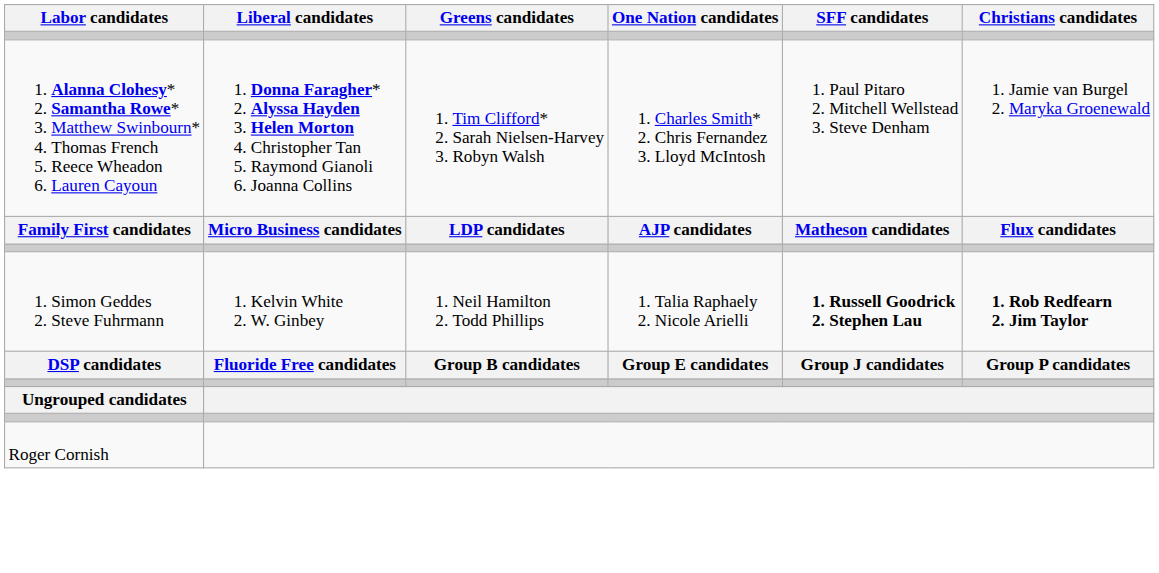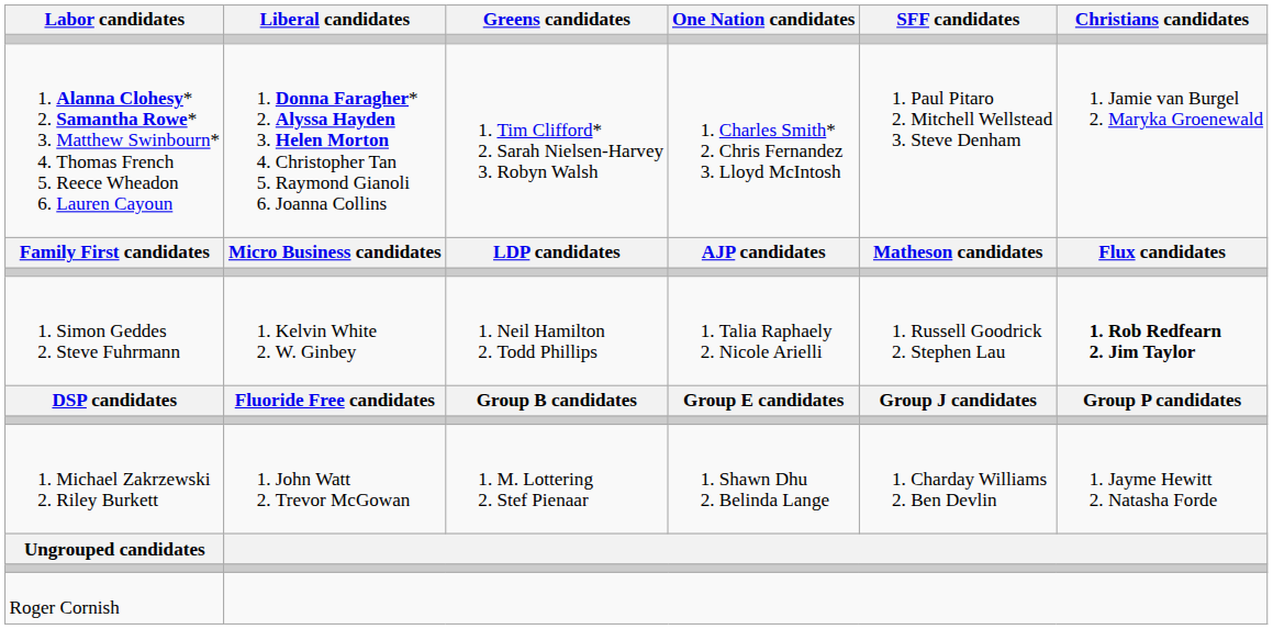 <table class="wikitable">
 <tr>
 <th><a href='#'>Labor</a> candidates</th>
 <th><a href='#'>Liberal</a> candidates</th>
 <th><a href='#'>Greens</a> candidates</th>
 <th><a href='#'>One Nation</a> candidates</th>
 <th><a href='#'>SFF</a> candidates</th>
 <th><a href='#'>Christians</a> candidates</th>
 </tr>
 <tr bgcolor="#cccccc">
 <td></td>
 <td></td>
 <td></td>
 <td></td>
 <td></td>
 <td></td>
 </tr>
 <tr>
 <td><br><ol><li><strong><a href='#'>Alanna Clohesy</a></strong>*</li><li><strong><a href='#'>Samantha Rowe</a></strong>*</li><li><a href='#'>Matthew Swinbourn</a>*</li><li>Thomas French</li><li>Reece Wheadon</li><li><a href='#'>Lauren Cayoun</a></li></ol></td>
 <td><br><ol><li><strong><a href='#'>Donna Faragher</a></strong>*</li><li><strong><a href='#'>Alyssa Hayden</a></strong></li><li><strong><a href='#'>Helen Morton</a></strong></li><li>Christopher Tan</li><li>Raymond Gianoli</li><li>Joanna Collins</li></ol></td>
 <td><br><ol><li><a href='#'>Tim Clifford</a>*</li><li>Sarah Nielsen-Harvey</li><li>Robyn Walsh</li></ol></td>
 <td><br><ol><li><a href='#'>Charles Smith</a>*</li><li>Chris Fernandez</li><li>Lloyd McIntosh</li></ol></td>
 <td valign=top><br><ol><li>Paul Pitaro</li><li>Mitchell Wellstead</li><li>Steve Denham</li></ol></td>
 <td valign=top><br><ol><li>Jamie van Burgel</li><li><a href='#'>Maryka Groenewald</a></li></ol></td>
 </tr>
 <tr bgcolor="#cccccc">
 <th><a href='#'>Family First</a> candidates</th>
 <th><a href='#'>Micro Business</a> candidates</th>
 <th><a href='#'>LDP</a> candidates</th>
 <th><a href='#'>AJP</a> candidates</th>
 <th><a href='#'>Matheson</a> candidates</th>
 <th><a href='#'>Flux</a> candidates</th>
 </tr>
 <tr bgcolor="#cccccc">
 <td></td>
 <td></td>
 <td></td>
 <td></td>
 <td></td>
 <td></td>
 </tr>
 <tr>
 <td valign=top><br><ol><li>Simon Geddes</li><li>Steve Fuhrmann</li></ol></td>
 <td valign=top><br><ol><li>Kelvin White</li><li>W. Ginbey</li></ol></td>
 <td valign=top><br><ol><li>Neil Hamilton</li><li>Todd Phillips</li></ol></td>
 <td valign=top><br><ol><li>Talia Raphaely</li><li>Nicole Arielli</li></ol></td>
-<td valign=top><strong><br><ol><li>Russell Goodrick</li><li>Stephen Lau</li></ol></strong></td>
+<td valign=top><br><ol><li>Russell Goodrick</li><li>Stephen Lau</li></ol></td>
 <td valign=top><strong><br><ol><li>Rob Redfearn</li><li>Jim Taylor</li></ol></strong></td>
 </tr>
 <tr bgcolor="#cccccc">
 <th><a href='#'>DSP</a> candidates</th>
 <th><a href='#'>Fluoride Free</a> candidates</th>
 <th>Group B candidates</th>
 <th>Group E candidates</th>
 <th>Group J candidates</th>
 <th>Group P candidates</th>
 </tr>
 <tr bgcolor="#cccccc">
 <td></td>
 <td></td>
 <td></td>
 <td></td>
 <td></td>
 <td></td>
 </tr>
+<tr>
+<td valign=top><br><ol><li>Michael Zakrzewski</li><li>Riley Burkett</li></ol></td>
+<td valign=top><br><ol><li>John Watt</li><li>Trevor McGowan</li></ol></td>
+<td valign=top><br><ol><li>M. Lottering</li><li>Stef Pienaar</li></ol></td>
+<td valign=top><br><ol><li>Shawn Dhu</li><li>Belinda Lange</li></ol></td>
+<td valign=top><br><ol><li>Charday Williams</li><li>Ben Devlin</li></ol></td>
+<td valign=top><br><ol><li>Jayme Hewitt</li><li>Natasha Forde</li></ol></td>
+</tr>
 <tr bgcolor="#cccccc">
 <th>Ungrouped candidates</th>
 <th colspan=5></th>
 </tr>
 <tr bgcolor="#cccccc">
 <td></td>
 <td colspan=5></td>
 </tr>
 <tr>
 <td valign=top><br>Roger Cornish</td>
 </tr>
 </table>
